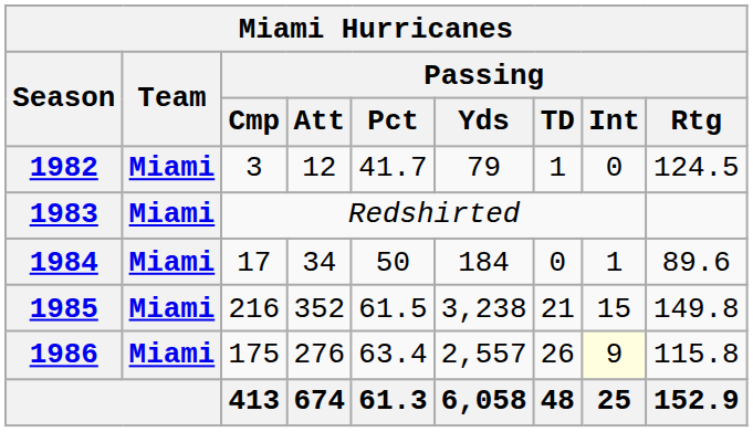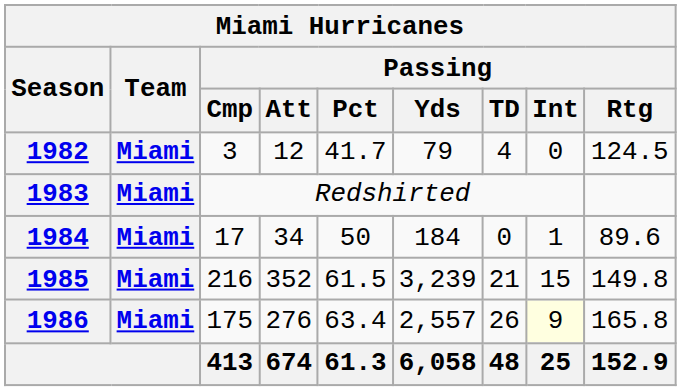 <table class="wikitable" style="text-align: center;">
 <tr>
 <th colspan="11">Miami Hurricanes</th>
 </tr>
 <tr>
 <th rowspan="2">Season</th>
 <th rowspan="2">Team</th>
 <th colspan="7">Passing</th>
 </tr>
 <tr>
 <th>Cmp</th>
 <th>Att</th>
 <th>Pct</th>
 <th>Yds</th>
 <th>TD</th>
 <th>Int</th>
 <th>Rtg</th>
 </tr>
 <tr>
 <th><a href='#'>1982</a></th>
 <th><a href='#'>Miami</a></th>
 <td>3</td>
 <td>12</td>
 <td>41.7</td>
 <td>79</td>
-<td>1</td>
+<td>4</td>
 <td>0</td>
 <td>124.5</td>
 </tr>
 <tr>
 <th><a href='#'>1983</a></th>
 <th><a href='#'>Miami</a></th>
 <td colspan="6"><em>Redshirted</em></td>
 </tr>
 <tr>
 <th><a href='#'>1984</a></th>
 <th><a href='#'>Miami</a></th>
 <td>17</td>
 <td>34</td>
 <td>50</td>
 <td>184</td>
 <td>0</td>
 <td>1</td>
 <td>89.6</td>
 </tr>
 <tr>
 <th><a href='#'>1985</a></th>
 <th><a href='#'>Miami</a></th>
 <td>216</td>
 <td>352</td>
 <td>61.5</td>
-<td>3,238</td>
+<td>3,239</td>
 <td>21</td>
 <td>15</td>
 <td>149.8</td>
 </tr>
 <tr>
 <th><a href='#'>1986</a></th>
 <th><a href='#'>Miami</a></th>
 <td>175</td>
 <td>276</td>
 <td>63.4</td>
 <td>2,557</td>
 <td>26</td>
 <td style="background: lightyellow;">9</td>
-<td>115.8</td>
+<td>165.8</td>
 </tr>
 <tr>
 <th colspan="2"></th>
 <th>413</th>
 <th>674</th>
 <th>61.3</th>
 <th>6,058</th>
 <th>48</th>
 <th>25</th>
 <th>152.9</th>
 </tr>
 </table>
